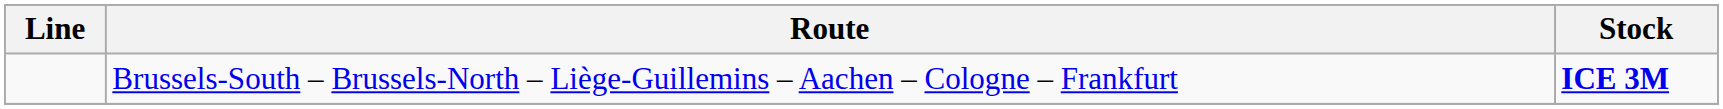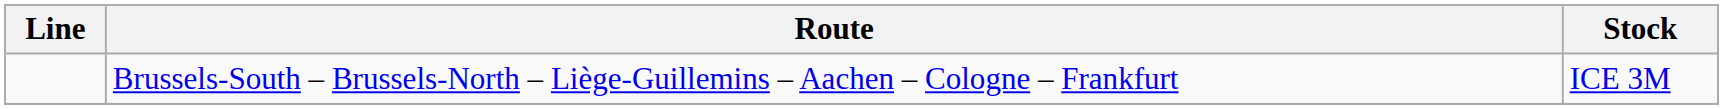 <table class="wikitable" width="100%">
 <tr class="hintergrundfarbe5">
 <th>Line</th>
 <th>Route</th>
 <th>Stock</th>
 </tr>
 <tr>
 <td></td>
 <td><a href='#'>Brussels-South</a> – <a href='#'>Brussels-North</a> – <a href='#'>Liège-Guillemins</a> – <a href='#'>Aachen</a> – <a href='#'>Cologne</a> –  <a href='#'>Frankfurt</a></td>
-<td><strong><a href='#'>ICE 3M</a></strong></td>
+<td><a href='#'>ICE 3M</a></td>
 </tr>
 <tr>
 </tr>
 </table>
